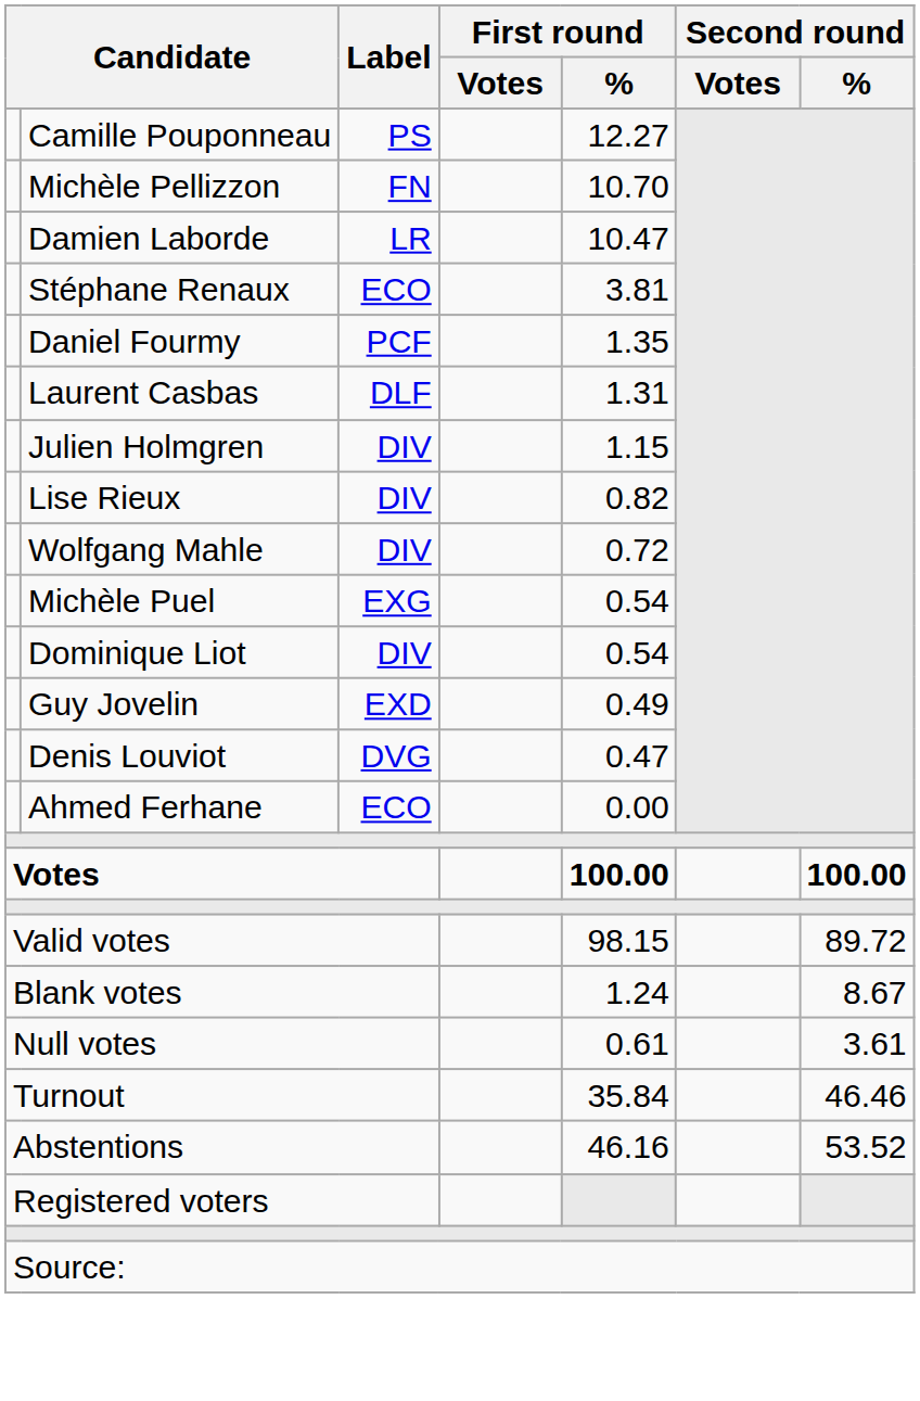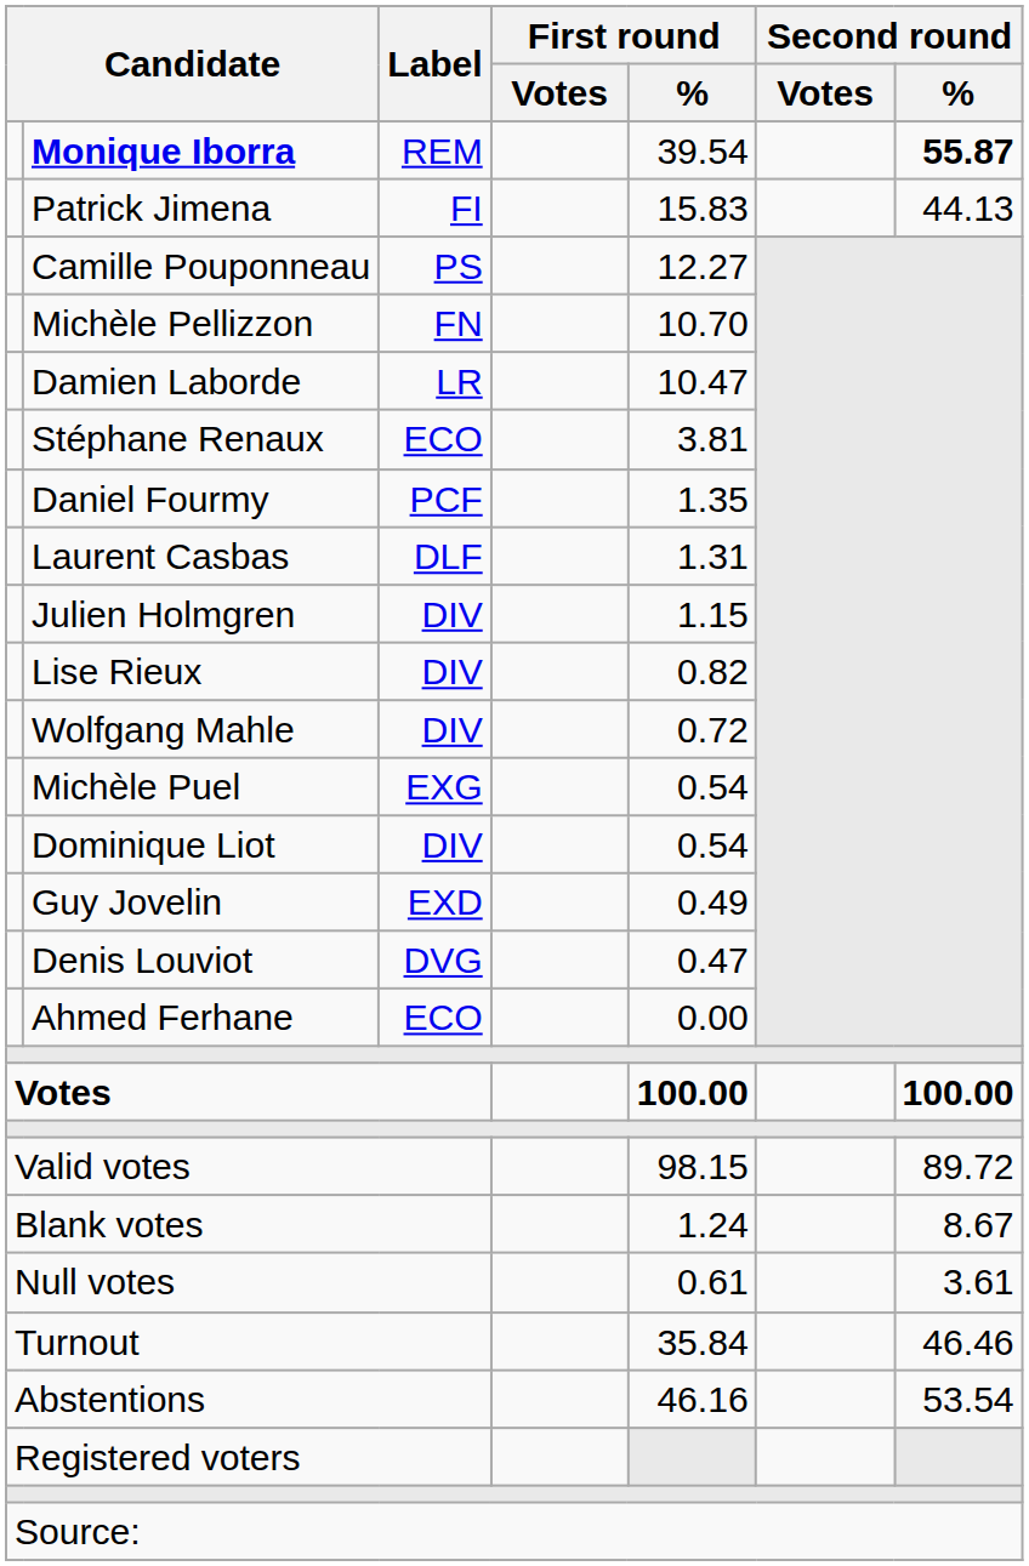 <table class="wikitable" style="text-align:right;font-size:95%;">
 <tr>
 <th rowspan="2" colspan="2">Candidate</th>
 <th rowspan="2">Label</th>
 <th colspan="2">First round</th>
 <th colspan="2">Second round</th>
 </tr>
 <tr>
 <th style="width:50px;">Votes</th>
 <th style="width:45px;">%</th>
 <th style="width:50px;">Votes</th>
 <th style="width:45px;">%</th>
+</tr>
+<tr>
+<td style="color:inherit;background:"></td>
+<td style="text-align:left;"><strong><a href='#'>Monique Iborra</a></strong></td>
+<td><a href='#'>REM</a></td>
+<td></td>
+<td>39.54</td>
+<td><strong></strong></td>
+<td><strong>55.87</strong></td>
+</tr>
+<tr>
+<td style="color:inherit;background:"></td>
+<td style="text-align:left;">Patrick Jimena</td>
+<td><a href='#'>FI</a></td>
+<td></td>
+<td>15.83</td>
+<td></td>
+<td>44.13</td>
 </tr>
 <tr>
 <td style="color:inherit;background:"></td>
 <td style="text-align:left;">Camille Pouponneau</td>
 <td><a href='#'>PS</a></td>
 <td></td>
 <td>12.27</td>
 <td colspan="2" rowspan="14" style="background:#E9E9E9;"></td>
 </tr>
 <tr>
 <td style="color:inherit;background:"></td>
 <td style="text-align:left;">Michèle Pellizzon</td>
 <td><a href='#'>FN</a></td>
 <td></td>
 <td>10.70</td>
 </tr>
 <tr>
 <td style="color:inherit;background:"></td>
 <td style="text-align:left;">Damien Laborde</td>
 <td><a href='#'>LR</a></td>
 <td></td>
 <td>10.47</td>
 </tr>
 <tr>
 <td style="color:inherit;background:"></td>
 <td style="text-align:left;">Stéphane Renaux</td>
 <td><a href='#'>ECO</a></td>
 <td></td>
 <td>3.81</td>
 </tr>
 <tr>
 <td style="color:inherit;background:"></td>
 <td style="text-align:left;">Daniel Fourmy</td>
 <td><a href='#'>PCF</a></td>
 <td></td>
 <td>1.35</td>
 </tr>
 <tr>
 <td style="color:inherit;background:"></td>
 <td style="text-align:left;">Laurent Casbas</td>
 <td><a href='#'>DLF</a></td>
 <td></td>
 <td>1.31</td>
 </tr>
 <tr>
 <td style="color:inherit;background:"></td>
 <td style="text-align:left;">Julien Holmgren</td>
 <td><a href='#'>DIV</a></td>
 <td></td>
 <td>1.15</td>
 </tr>
 <tr>
 <td style="color:inherit;background:"></td>
 <td style="text-align:left;">Lise Rieux</td>
 <td><a href='#'>DIV</a></td>
 <td></td>
 <td>0.82</td>
 </tr>
 <tr>
 <td style="color:inherit;background:"></td>
 <td style="text-align:left;">Wolfgang Mahle</td>
 <td><a href='#'>DIV</a></td>
 <td></td>
 <td>0.72</td>
 </tr>
 <tr>
 <td style="color:inherit;background:"></td>
 <td style="text-align:left;">Michèle Puel</td>
 <td><a href='#'>EXG</a></td>
 <td></td>
 <td>0.54</td>
 </tr>
 <tr>
 <td style="color:inherit;background:"></td>
 <td style="text-align:left;">Dominique Liot</td>
 <td><a href='#'>DIV</a></td>
 <td></td>
 <td>0.54</td>
 </tr>
 <tr>
 <td style="color:inherit;background:"></td>
 <td style="text-align:left;">Guy Jovelin</td>
 <td><a href='#'>EXD</a></td>
 <td></td>
 <td>0.49</td>
 </tr>
 <tr>
 <td style="color:inherit;background:"></td>
 <td style="text-align:left;">Denis Louviot</td>
 <td><a href='#'>DVG</a></td>
 <td></td>
 <td>0.47</td>
 </tr>
 <tr>
 <td style="color:inherit;background:"></td>
 <td style="text-align:left;">Ahmed Ferhane</td>
 <td><a href='#'>ECO</a></td>
 <td></td>
 <td>0.00</td>
 </tr>
 <tr>
 <td colspan="7" style="background:#E9E9E9;"></td>
 </tr>
 <tr style="font-weight:bold;">
 <td colspan="3" style="text-align:left;">Votes</td>
 <td></td>
 <td>100.00</td>
 <td></td>
 <td>100.00</td>
 </tr>
 <tr>
 <td colspan="7" style="background:#E9E9E9;"></td>
 </tr>
 <tr>
 <td colspan="3" style="text-align:left;">Valid votes</td>
 <td></td>
 <td>98.15</td>
 <td></td>
 <td>89.72</td>
 </tr>
 <tr>
 <td colspan="3" style="text-align:left;">Blank votes</td>
 <td></td>
 <td>1.24</td>
 <td></td>
 <td>8.67</td>
 </tr>
 <tr>
 <td colspan="3" style="text-align:left;">Null votes</td>
 <td></td>
 <td>0.61</td>
 <td></td>
 <td>3.61</td>
 </tr>
 <tr>
 <td colspan="3" style="text-align:left;">Turnout</td>
 <td></td>
 <td>35.84</td>
 <td></td>
 <td>46.46</td>
 </tr>
 <tr>
 <td colspan="3" style="text-align:left;">Abstentions</td>
 <td></td>
 <td>46.16</td>
 <td></td>
-<td>53.52</td>
+<td>53.54</td>
 </tr>
 <tr>
 <td colspan="3" style="text-align:left;">Registered voters</td>
 <td></td>
 <td style="color:inherit;background:#E9E9E9;"></td>
 <td></td>
 <td style="color:inherit;background:#E9E9E9;"></td>
 </tr>
 <tr>
 <td colspan="7" style="background:#E9E9E9;"></td>
 </tr>
 <tr>
 <td colspan="7" style="text-align:left;">Source: </td>
 </tr>
 </table>
